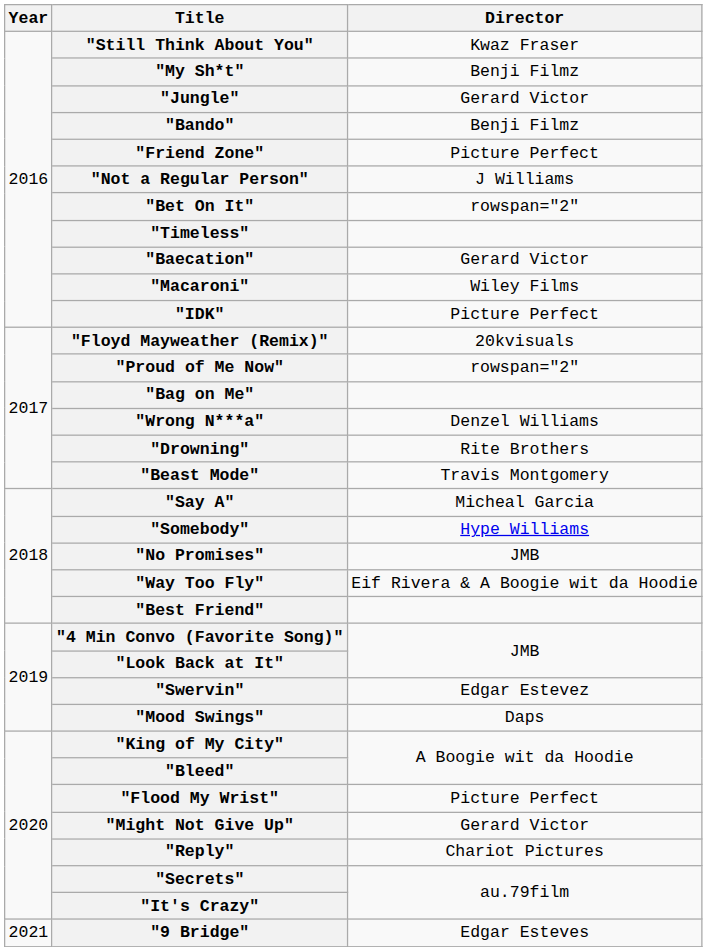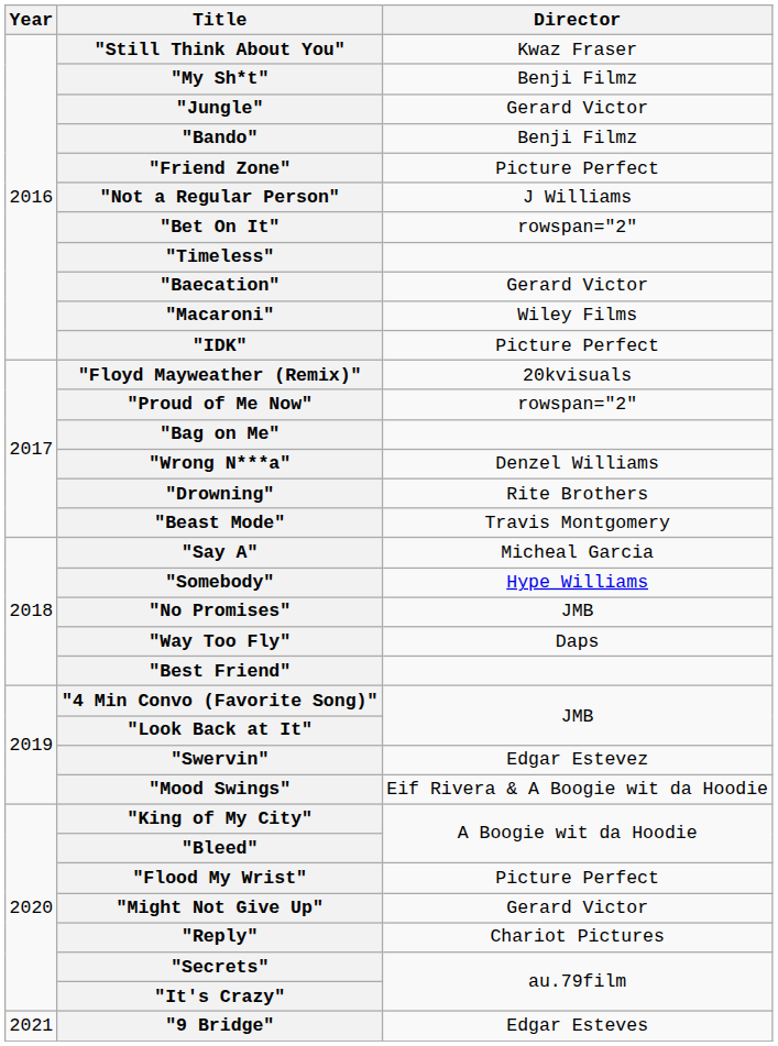 <table class="wikitable plainrowheaders" style="text-align:center;">
 <tr>
 <th scope="col">Year</th>
 <th scope="col">Title</th>
 <th scope="col">Director</th>
 </tr>
 <tr>
 <td rowspan="11">2016</td>
 <th scope="row">"Still Think About You"</th>
 <td>Kwaz Fraser</td>
 </tr>
 <tr>
 <th scope="row">"My Sh*t"</th>
 <td>Benji Filmz</td>
 </tr>
 <tr>
 <th scope="row">"Jungle"</th>
 <td>Gerard Victor</td>
 </tr>
 <tr>
 <th scope="row">"Bando"</th>
 <td>Benji Filmz</td>
 </tr>
 <tr>
 <th scope="row">"Friend Zone"</th>
 <td>Picture Perfect</td>
 </tr>
 <tr>
 <th scope="row">"Not a Regular Person"</th>
 <td>J Williams</td>
 </tr>
 <tr>
 <th scope="row">"Bet On It"</th>
 <td>rowspan="2" </td>
 </tr>
 <tr>
 <th scope="row">"Timeless"</th>
 </tr>
 <tr>
 <th scope="row">"Baecation"</th>
 <td>Gerard Victor</td>
 </tr>
 <tr>
 <th scope="row">"Macaroni"</th>
 <td>Wiley Films</td>
 </tr>
 <tr>
 <th scope="row">"IDK"</th>
 <td>Picture Perfect</td>
 </tr>
 <tr>
 <td rowspan="6">2017</td>
 <th scope="row">"Floyd Mayweather (Remix)"</th>
 <td>20kvisuals</td>
 </tr>
 <tr>
 <th scope="row">"Proud of Me Now"</th>
 <td>rowspan="2" </td>
 </tr>
 <tr>
 <th scope="row">"Bag on Me"</th>
 </tr>
 <tr>
 <th scope="row">"Wrong N***a"</th>
 <td>Denzel Williams</td>
 </tr>
 <tr>
 <th scope="row">"Drowning"</th>
 <td>Rite Brothers</td>
 </tr>
 <tr>
 <th scope="row">"Beast Mode"</th>
 <td>Travis Montgomery</td>
 </tr>
 <tr>
 <td rowspan="5">2018</td>
 <th scope="row">"Say A"</th>
 <td>Micheal Garcia</td>
 </tr>
 <tr>
 <th scope="row">"Somebody"</th>
 <td><a href='#'>Hype Williams</a></td>
 </tr>
 <tr>
 <th scope="row">"No Promises"</th>
 <td>JMB</td>
 </tr>
 <tr>
 <th scope="row">"Way Too Fly"</th>
-<td>Eif Rivera & A Boogie wit da Hoodie</td>
+<td>Daps</td>
 </tr>
 <tr>
 <th scope="row">"Best Friend"</th>
 <td></td>
 </tr>
 <tr>
 <td rowspan="4">2019</td>
 <th scope="row">"4 Min Convo (Favorite Song)"</th>
 <td rowspan="2">JMB</td>
 </tr>
 <tr>
 <th scope="row">"Look Back at It"</th>
 </tr>
 <tr>
 <th scope="row">"Swervin"</th>
 <td>Edgar Estevez</td>
 </tr>
 <tr>
 <th scope="row">"Mood Swings"</th>
-<td>Daps</td>
+<td>Eif Rivera & A Boogie wit da Hoodie</td>
 </tr>
 <tr>
 <td rowspan="7">2020</td>
 <th scope="row">"King of My City"</th>
 <td rowspan="2">A Boogie wit da Hoodie</td>
 </tr>
 <tr>
 <th scope="row">"Bleed"</th>
 </tr>
 <tr>
 <th scope="row">"Flood My Wrist"</th>
 <td>Picture Perfect</td>
 </tr>
 <tr>
 <th scope="row">"Might Not Give Up"</th>
 <td>Gerard Victor</td>
 </tr>
 <tr>
 <th scope="row">"Reply"</th>
 <td>Chariot Pictures</td>
 </tr>
 <tr>
 <th scope="row">"Secrets"</th>
 <td rowspan="2">au.79film</td>
 </tr>
 <tr>
 <th scope="row">"It's Crazy"</th>
 </tr>
 <tr>
 <td rowspan="1">2021</td>
 <th scope="row">"9 Bridge"</th>
 <td>Edgar Esteves</td>
 </tr>
 <tr>
 </tr>
 </table>
